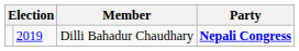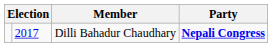 <table class="wikitable">
 <tr>
 <th colspan="2">Election</th>
 <th>Member</th>
 <th>Party</th>
 </tr>
 <tr>
 <td style="background-color:"></td>
-<td><a href='#'>2019</a></td>
+<td><a href='#'>2017</a></td>
 <td>Dilli Bahadur Chaudhary</td>
 <td><strong><a href='#'>Nepali Congress</a></strong></td>
 </tr>
 </table>
